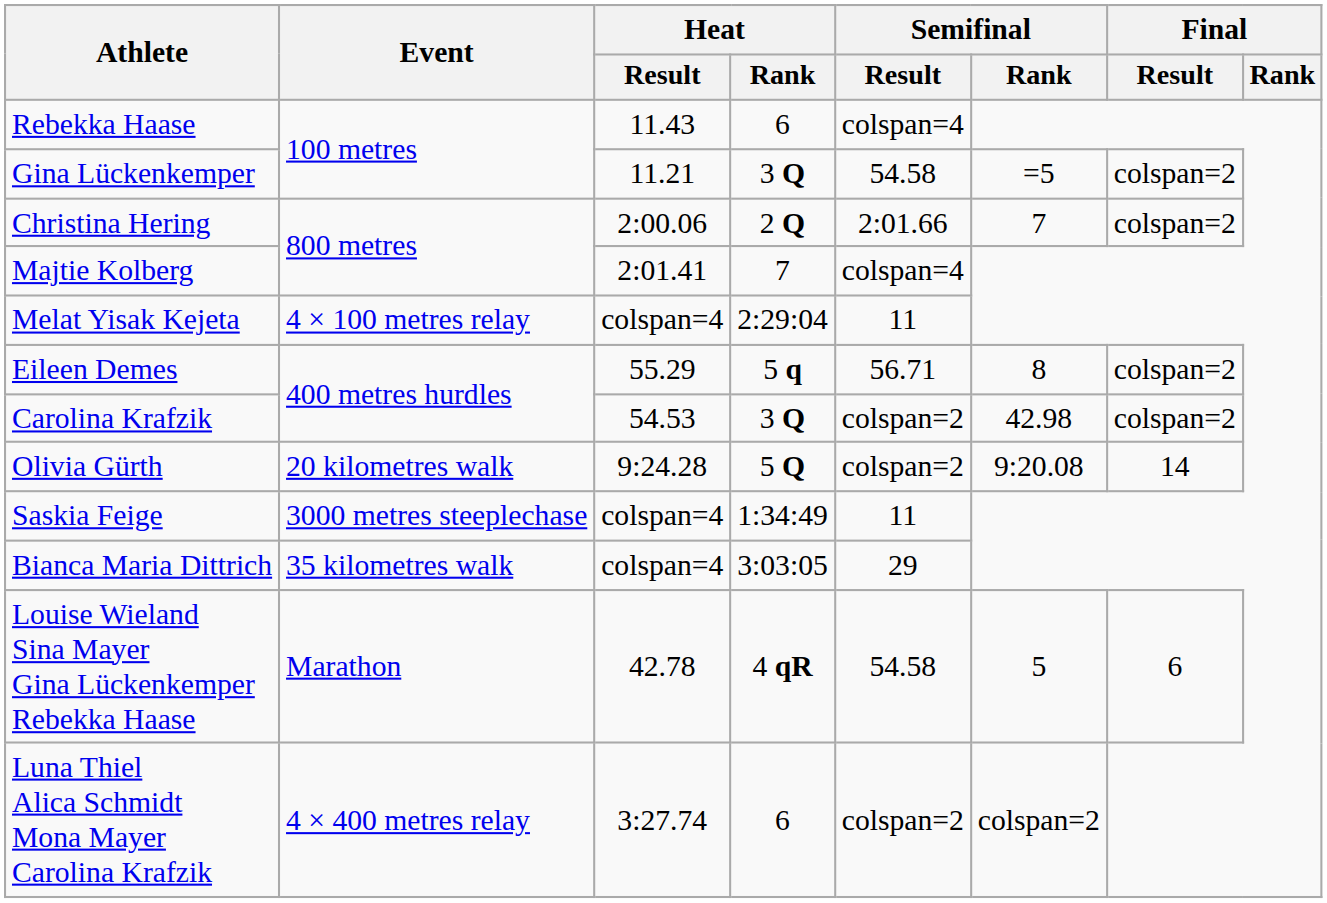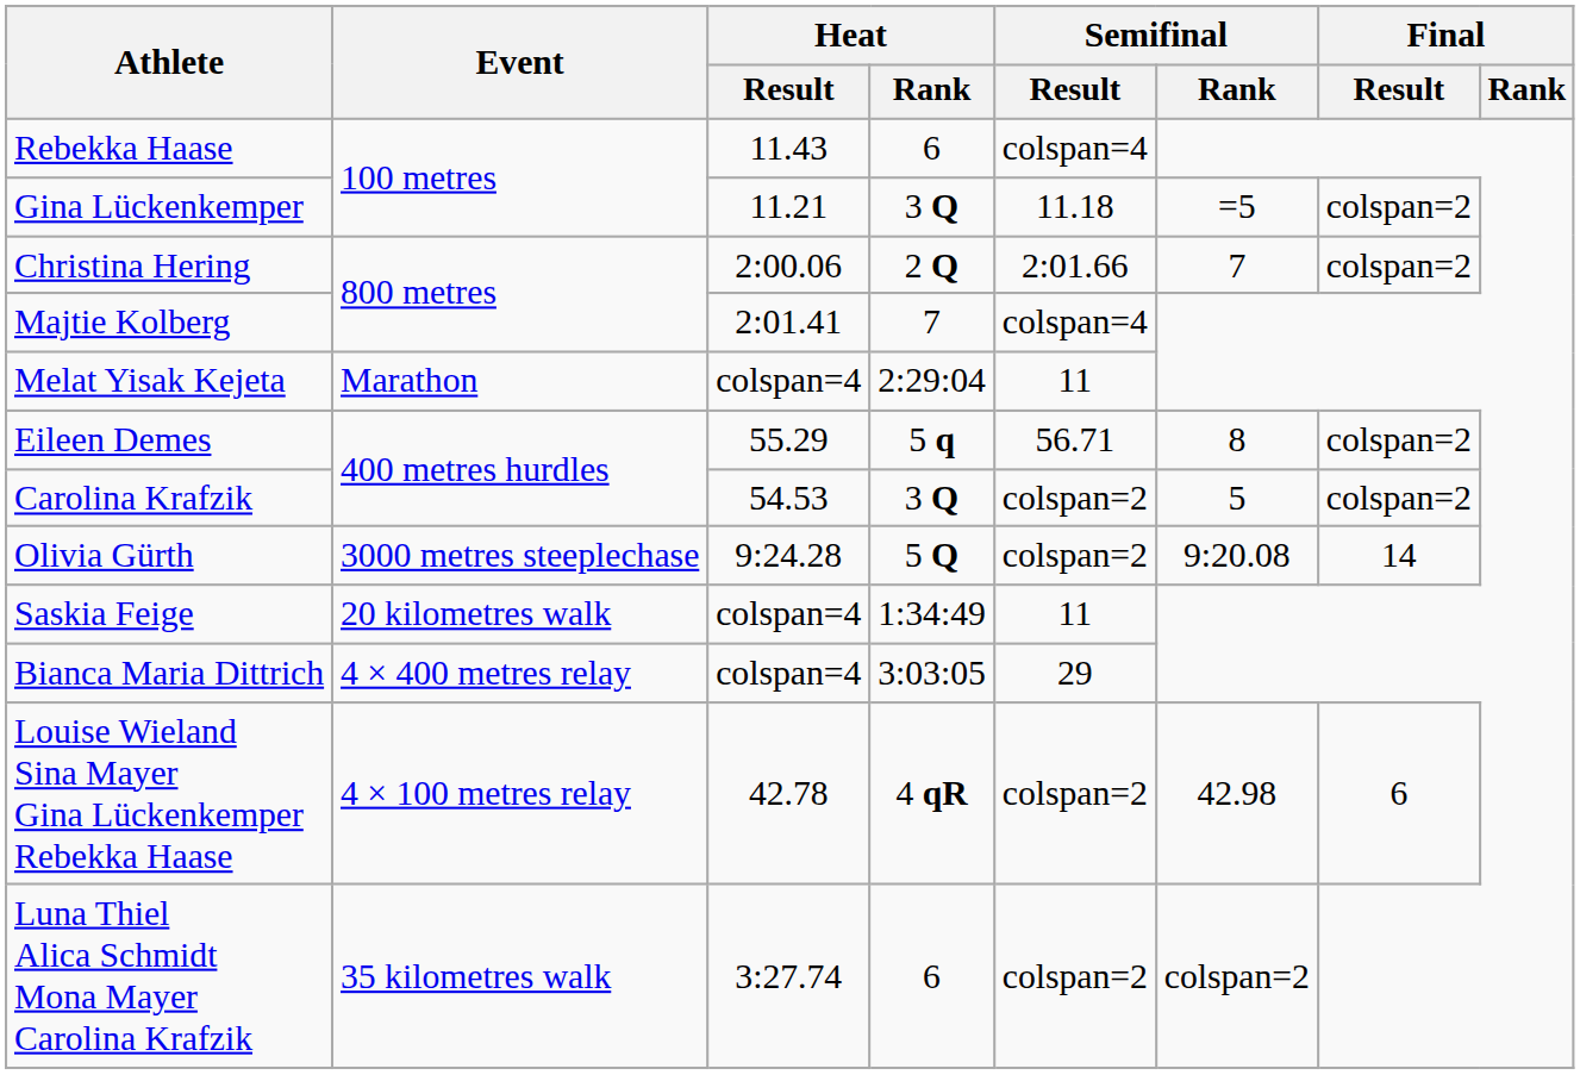 <table class="wikitable" style="font-size:90%">
 <tr>
 <th rowspan="2">Athlete</th>
 <th rowspan="2">Event</th>
 <th colspan="2">Heat</th>
 <th colspan="2">Semifinal</th>
 <th colspan="2">Final</th>
 </tr>
 <tr style="font-size:95%">
 <th>Result</th>
 <th>Rank</th>
 <th>Result</th>
 <th>Rank</th>
 <th>Result</th>
 <th>Rank</th>
 </tr>
 <tr align=center>
 <td align=left><a href='#'>Rebekka Haase</a></td>
 <td align=left rowspan=2><a href='#'>100 metres</a></td>
 <td>11.43</td>
 <td>6</td>
 <td>colspan=4 </td>
 </tr>
 <tr align=center>
 <td align=left><a href='#'>Gina Lückenkemper</a></td>
 <td>11.21</td>
 <td>3 <strong>Q</strong></td>
-<td>54.58</td>
+<td>11.18</td>
 <td>=5</td>
 <td>colspan=2 </td>
 </tr>
 <tr align=center>
 <td align=left><a href='#'>Christina Hering</a></td>
 <td align=left rowspan=2><a href='#'>800 metres</a></td>
 <td>2:00.06 </td>
 <td>2 <strong>Q</strong></td>
 <td>2:01.66</td>
 <td>7</td>
 <td>colspan=2 </td>
 </tr>
 <tr align=center>
 <td align=left><a href='#'>Majtie Kolberg</a></td>
 <td>2:01.41</td>
 <td>7</td>
 <td>colspan=4 </td>
 </tr>
 <tr align=center>
 <td align=left><a href='#'>Melat Yisak Kejeta</a></td>
-<td align=left><a href='#'>4 × 100 metres relay</a></td>
+<td align=left><a href='#'>Marathon</a></td>
 <td>colspan=4</td>
 <td>2:29:04</td>
 <td>11</td>
 </tr>
 <tr align=center>
 <td align=left><a href='#'>Eileen Demes</a></td>
 <td align=left rowspan=2><a href='#'>400 metres hurdles</a></td>
 <td>55.29 </td>
 <td>5 <strong>q</strong></td>
 <td>56.71</td>
 <td>8</td>
 <td>colspan=2</td>
 </tr>
 <tr align=center>
 <td align=left><a href='#'>Carolina Krafzik</a></td>
 <td>54.53</td>
 <td>3 <strong>Q</strong></td>
 <td>colspan=2</td>
-<td>42.98</td>
+<td>5</td>
 <td>colspan=2</td>
 </tr>
 <tr align=center>
 <td align=left><a href='#'>Olivia Gürth</a></td>
-<td align=left><a href='#'>20 kilometres walk</a></td>
+<td align=left><a href='#'>3000 metres steeplechase</a></td>
 <td>9:24.28 </td>
 <td>5 <strong>Q</strong></td>
 <td>colspan=2</td>
 <td>9:20.08 </td>
 <td>14</td>
 </tr>
 <tr align=center>
 <td align=left><a href='#'>Saskia Feige</a></td>
-<td align=left><a href='#'>3000 metres steeplechase</a></td>
+<td align=left><a href='#'>20 kilometres walk</a></td>
 <td>colspan=4</td>
 <td>1:34:49</td>
 <td>11</td>
 </tr>
 <tr align=center>
 <td align=left><a href='#'>Bianca Maria Dittrich</a></td>
-<td align=left><a href='#'>35 kilometres walk</a></td>
+<td align=left><a href='#'>4 × 400 metres relay</a></td>
 <td>colspan=4</td>
 <td>3:03:05</td>
 <td>29</td>
 </tr>
 <tr align=center>
 <td align=left><a href='#'>Louise Wieland</a><br><a href='#'>Sina Mayer</a><br><a href='#'>Gina Lückenkemper</a><br><a href='#'>Rebekka Haase</a></td>
-<td align=left><a href='#'>Marathon</a></td>
+<td align=left><a href='#'>4 × 100 metres relay</a></td>
 <td>42.78 </td>
 <td>4 <strong>qR</strong></td>
-<td>54.58</td>
-<td>5</td>
+<td>colspan=2</td>
+<td>42.98</td>
 <td>6</td>
 </tr>
 <tr align=center>
 <td align=left><a href='#'>Luna Thiel</a><br><a href='#'>Alica Schmidt</a><br><a href='#'>Mona Mayer</a><br><a href='#'>Carolina Krafzik</a></td>
-<td align=left><a href='#'>4 × 400 metres relay</a></td>
+<td align=left><a href='#'>35 kilometres walk</a></td>
 <td>3:27.74 </td>
 <td>6</td>
 <td>colspan=2</td>
 <td>colspan=2</td>
 </tr>
 </table>
